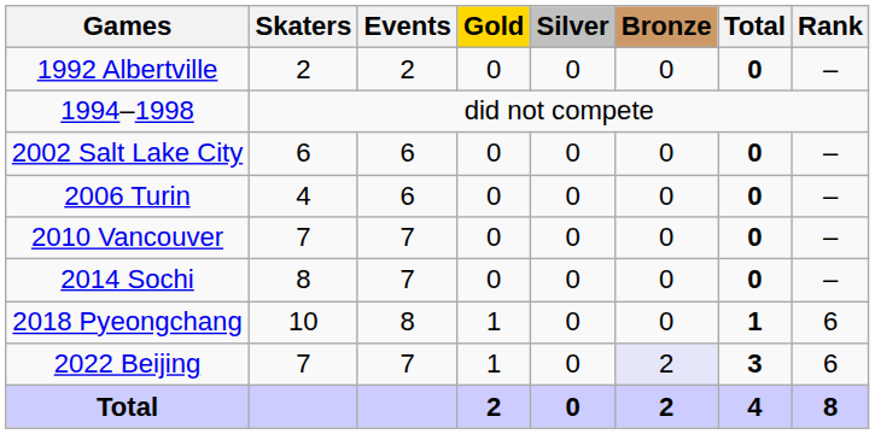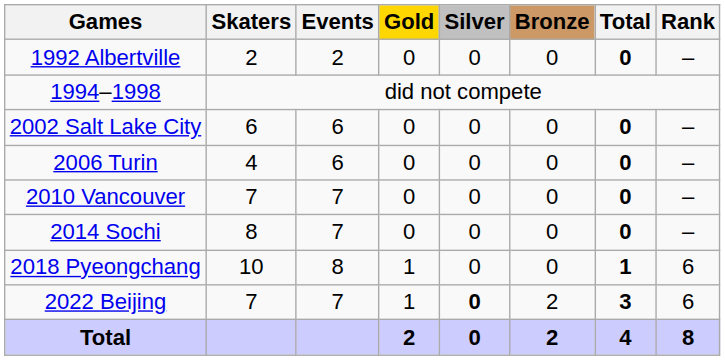 <table class="wikitable sortable collapsible collapsed">
 <tr>
 <th>Games</th>
 <th>Skaters</th>
 <th>Events</th>
 <th style="text-align:center; background-color:gold;">Gold</th>
 <th style="text-align:center; background-color:silver;">Silver</th>
 <th style="text-align:center; background-color:#c96;">Bronze</th>
 <th>Total</th>
 <th>Rank</th>
 </tr>
 <tr align=center>
 <td><a href='#'>1992 Albertville</a></td>
 <td>2</td>
 <td>2</td>
 <td>0</td>
 <td>0</td>
 <td>0</td>
 <td><strong>0</strong></td>
 <td>–</td>
 </tr>
 <tr align=center>
 <td><a href='#'>1994</a>–<a href='#'>1998</a></td>
 <td colspan=7>did not compete</td>
 </tr>
 <tr align=center>
 <td><a href='#'>2002 Salt Lake City</a></td>
 <td>6</td>
 <td>6</td>
 <td>0</td>
 <td>0</td>
 <td>0</td>
 <td><strong>0</strong></td>
 <td>–</td>
 </tr>
 <tr align=center>
 <td><a href='#'>2006 Turin</a></td>
 <td>4</td>
 <td>6</td>
 <td>0</td>
 <td>0</td>
 <td>0</td>
 <td><strong>0</strong></td>
 <td>–</td>
 </tr>
 <tr align=center>
 <td><a href='#'>2010 Vancouver</a></td>
 <td>7</td>
 <td>7</td>
 <td>0</td>
 <td>0</td>
 <td>0</td>
 <td><strong>0</strong></td>
 <td>–</td>
 </tr>
 <tr align=center>
 <td><a href='#'>2014 Sochi</a></td>
 <td>8</td>
 <td>7</td>
 <td>0</td>
 <td>0</td>
 <td>0</td>
 <td><strong>0</strong></td>
 <td>–</td>
 </tr>
 <tr align=center>
 <td><a href='#'>2018 Pyeongchang</a></td>
 <td>10</td>
 <td>8</td>
 <td>1</td>
 <td>0</td>
 <td>0</td>
 <td><strong>1</strong></td>
 <td>6</td>
 </tr>
 <tr align=center>
 <td><a href='#'>2022 Beijing</a></td>
 <td>7</td>
 <td>7</td>
 <td>1</td>
-<td>0</td>
-<td style="background: lavender;">2</td>
+<td><strong>0</strong></td>
+<td>2</td>
 <td><strong>3</strong></td>
 <td>6</td>
 </tr>
 <tr style="text-align:center; background-color:#ccf;">
 <td><strong>Total</strong></td>
 <td></td>
 <td></td>
 <td><strong>2</strong></td>
 <td><strong>0</strong></td>
 <td><strong>2</strong></td>
 <td><strong>4</strong></td>
 <td><strong>8</strong></td>
 </tr>
 </table>
